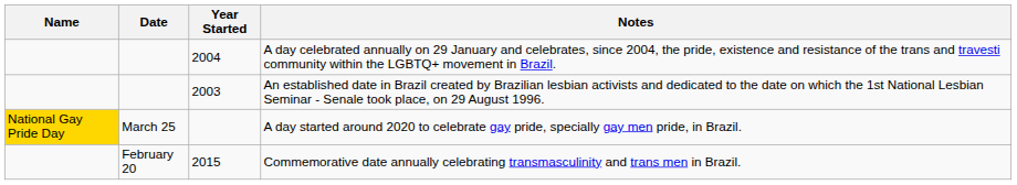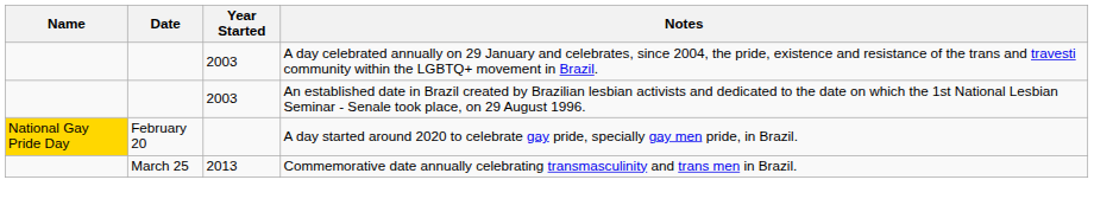 <table class="wikitable sortable">
 <tr>
 <th>Name</th>
 <th>Date</th>
 <th>Year Started</th>
 <th>Notes</th>
 </tr>
 <tr>
 <td></td>
 <td></td>
-<td>2004</td>
+<td>2003</td>
 <td>A day celebrated annually on 29 January and celebrates, since 2004, the pride, existence and resistance of the trans and <a href='#'>travesti</a> community within the LGBTQ+ movement in <a href='#'>Brazil</a>.</td>
 </tr>
 <tr>
 <td></td>
 <td></td>
 <td>2003</td>
 <td>An established date in Brazil created by Brazilian lesbian activists and dedicated to the date on which the 1st National Lesbian Seminar - Senale took place, on 29 August 1996.</td>
 </tr>
 <tr>
 <td style="background: gold;">National Gay Pride Day</td>
-<td>March 25</td>
+<td>February 20</td>
 <td></td>
 <td>A day started around 2020 to celebrate <a href='#'>gay</a> pride, specially <a href='#'>gay men</a> pride, in Brazil.</td>
 </tr>
 <tr>
 <td></td>
-<td>February 20</td>
-<td>2015</td>
+<td>March 25</td>
+<td>2013</td>
 <td>Commemorative date annually celebrating <a href='#'>transmasculinity</a> and <a href='#'>trans men</a> in Brazil.</td>
 </tr>
 </table>
